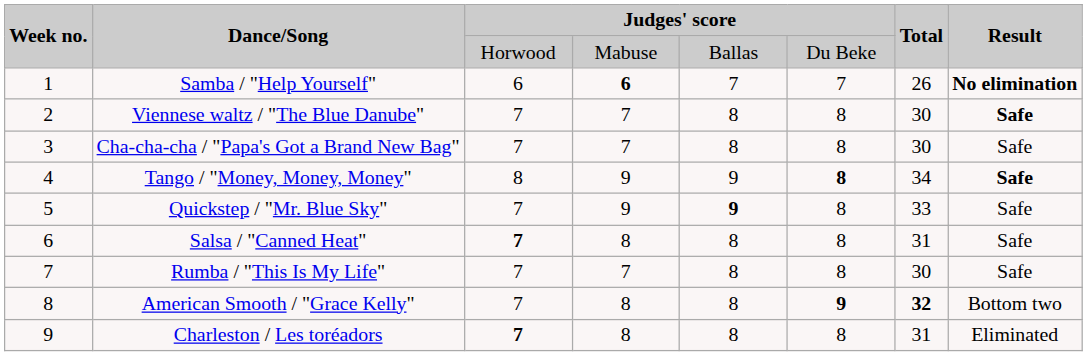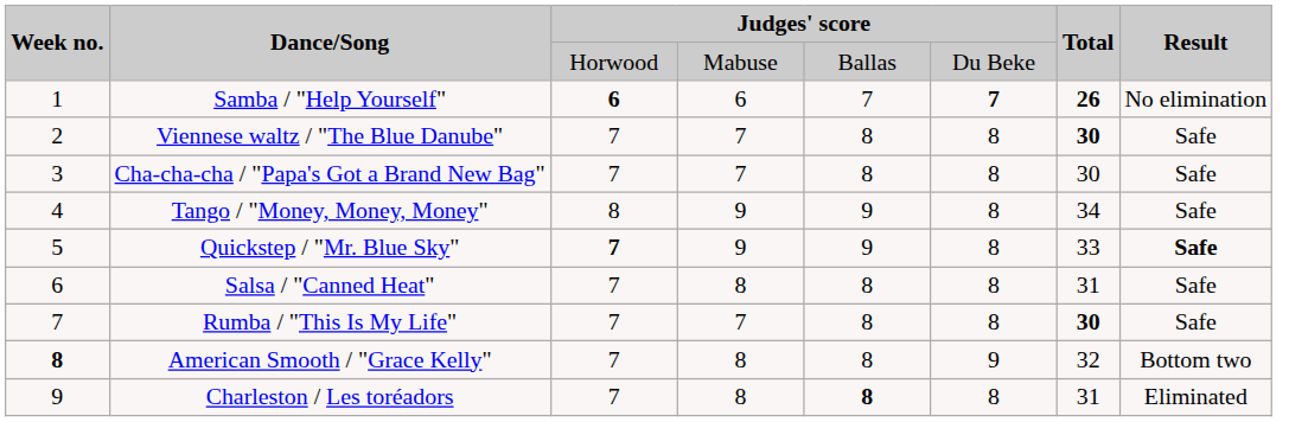 <table class="wikitable collapsible collapsed">
 <tr>
 <th rowspan="2" style="background:#ccc; text-align:Center;">Week no.</th>
 <th rowspan="2" style="background:#ccc; text-align:Center;">Dance/Song</th>
 <th colspan="4" style="background:#ccc; text-align:Center;">Judges' score</th>
 <th rowspan="2" style="background:#ccc; text-align:Center;">Total</th>
 <th rowspan="2" style="background:#ccc; text-align:Center;">Result</th>
 </tr>
 <tr style="text-align:center; background:#ccc;">
 <td style="width:10%; ">Horwood</td>
 <td style="width:10%; ">Mabuse</td>
 <td style="width:10%; ">Ballas</td>
 <td style="width:10%; ">Du Beke</td>
 </tr>
 <tr style="text-align:center; background:#faf6f6">
 <td>1</td>
 <td style="text-align:center; background:#faf6f6;"><a href='#'>Samba</a> / "<a href='#'>Help Yourself</a>"</td>
+<td style="text-align:center; background:#faf6f6;"><strong>6</strong></td>
 <td style="text-align:center; background:#faf6f6;">6</td>
-<td style="text-align:center; background:#faf6f6;"><strong>6</strong></td>
 <td style="text-align:center; background:#faf6f6;">7</td>
-<td style="text-align:center; background:#faf6f6;">7</td>
-<td style="text-align:center; background:#faf6f6;">26</td>
-<td style="text-align:center; background:#faf6f6;"><strong>No elimination</strong></td>
+<td style="text-align:center; background:#faf6f6;"><strong>7</strong></td>
+<td style="text-align:center; background:#faf6f6;"><strong>26</strong></td>
+<td style="text-align:center; background:#faf6f6;">No elimination</td>
 </tr>
 <tr style="text-align:center; background:#faf6f6">
 <td>2</td>
 <td style="text-align:center; background:#faf6f6;"><a href='#'>Viennese waltz</a> / "<a href='#'>The Blue Danube</a>"</td>
 <td style="text-align:center; background:#faf6f6;">7</td>
 <td style="text-align:center; background:#faf6f6;">7</td>
 <td style="text-align:center; background:#faf6f6;">8</td>
 <td style="text-align:center; background:#faf6f6;">8</td>
-<td style="text-align:center; background:#faf6f6;">30</td>
-<td style="text-align:center; background:#faf6f6;"><strong>Safe</strong></td>
+<td style="text-align:center; background:#faf6f6;"><strong>30</strong></td>
+<td style="text-align:center; background:#faf6f6;">Safe</td>
 </tr>
 <tr style="text-align:center; background:#faf6f6">
 <td>3</td>
 <td style="text-align:center; background:#faf6f6;"><a href='#'>Cha-cha-cha</a> / "<a href='#'>Papa's Got a Brand New Bag</a>"</td>
 <td style="text-align:center; background:#faf6f6;">7</td>
 <td style="text-align:center; background:#faf6f6;">7</td>
 <td style="text-align:center; background:#faf6f6;">8</td>
 <td style="text-align:center; background:#faf6f6;">8</td>
 <td style="text-align:center; background:#faf6f6;">30</td>
 <td style="text-align:center; background:#faf6f6;">Safe</td>
 </tr>
 <tr style="text-align:center; background:#faf6f6">
 <td>4</td>
 <td style="text-align:center; background:#faf6f6;"><a href='#'>Tango</a> / "<a href='#'>Money, Money, Money</a>"</td>
 <td style="text-align:center; background:#faf6f6;">8</td>
 <td style="text-align:center; background:#faf6f6;">9</td>
 <td style="text-align:center; background:#faf6f6;">9</td>
-<td style="text-align:center; background:#faf6f6;"><strong>8</strong></td>
+<td style="text-align:center; background:#faf6f6;">8</td>
 <td style="text-align:center; background:#faf6f6;">34</td>
-<td style="text-align:center; background:#faf6f6;"><strong>Safe</strong></td>
+<td style="text-align:center; background:#faf6f6;">Safe</td>
 </tr>
 <tr style="text-align:center; background:#faf6f6">
 <td>5</td>
 <td style="text-align:center; background:#faf6f6;"><a href='#'>Quickstep</a> / "<a href='#'>Mr. Blue Sky</a>"</td>
-<td style="text-align:center; background:#faf6f6;">7</td>
+<td style="text-align:center; background:#faf6f6;"><strong>7</strong></td>
 <td style="text-align:center; background:#faf6f6;">9</td>
-<td style="text-align:center; background:#faf6f6;"><strong>9</strong></td>
+<td style="text-align:center; background:#faf6f6;">9</td>
 <td style="text-align:center; background:#faf6f6;">8</td>
 <td style="text-align:center; background:#faf6f6;">33</td>
-<td style="text-align:center; background:#faf6f6;">Safe</td>
+<td style="text-align:center; background:#faf6f6;"><strong>Safe</strong></td>
 </tr>
 <tr style="text-align:center; background:#faf6f6">
 <td>6</td>
 <td style="text-align:center; background:#faf6f6;"><a href='#'>Salsa</a> / "<a href='#'>Canned Heat</a>"</td>
-<td style="text-align:center; background:#faf6f6;"><strong>7</strong></td>
+<td style="text-align:center; background:#faf6f6;">7</td>
 <td style="text-align:center; background:#faf6f6;">8</td>
 <td style="text-align:center; background:#faf6f6;">8</td>
 <td style="text-align:center; background:#faf6f6;">8</td>
 <td style="text-align:center; background:#faf6f6;">31</td>
 <td style="text-align:center; background:#faf6f6;">Safe</td>
 </tr>
 <tr style="text-align:center; background:#faf6f6">
 <td>7</td>
 <td style="text-align:center; background:#faf6f6;"><a href='#'>Rumba</a> / "<a href='#'>This Is My Life</a>"</td>
 <td style="text-align:center; background:#faf6f6;">7</td>
 <td style="text-align:center; background:#faf6f6;">7</td>
 <td style="text-align:center; background:#faf6f6;">8</td>
 <td style="text-align:center; background:#faf6f6;">8</td>
-<td style="text-align:center; background:#faf6f6;">30</td>
+<td style="text-align:center; background:#faf6f6;"><strong>30</strong></td>
 <td style="text-align:center; background:#faf6f6;">Safe</td>
 </tr>
 <tr style="text-align:center; background:#faf6f6">
-<td>8</td>
+<td><strong>8</strong></td>
 <td style="text-align:center; background:#faf6f6;"><a href='#'>American Smooth</a> / "<a href='#'>Grace Kelly</a>"</td>
 <td style="text-align:center; background:#faf6f6;">7</td>
 <td style="text-align:center; background:#faf6f6;">8</td>
 <td style="text-align:center; background:#faf6f6;">8</td>
-<td style="text-align:center; background:#faf6f6;"><strong>9</strong></td>
-<td style="text-align:center; background:#faf6f6;"><strong>32</strong></td>
+<td style="text-align:center; background:#faf6f6;">9</td>
+<td style="text-align:center; background:#faf6f6;">32</td>
 <td style="text-align:center; background:#faf6f6;">Bottom two</td>
 </tr>
 <tr style="text-align:center; background:#faf6f6">
 <td>9</td>
 <td style="text-align:center; background:#faf6f6;"><a href='#'>Charleston</a> / <a href='#'>Les toréadors</a></td>
-<td style="text-align:center; background:#faf6f6;"><strong>7</strong></td>
+<td style="text-align:center; background:#faf6f6;">7</td>
 <td style="text-align:center; background:#faf6f6;">8</td>
-<td style="text-align:center; background:#faf6f6;">8</td>
+<td style="text-align:center; background:#faf6f6;"><strong>8</strong></td>
 <td style="text-align:center; background:#faf6f6;">8</td>
 <td style="text-align:center; background:#faf6f6;">31</td>
 <td style="text-align:center; background:#faf6f6;">Eliminated</td>
 </tr>
 </table>
